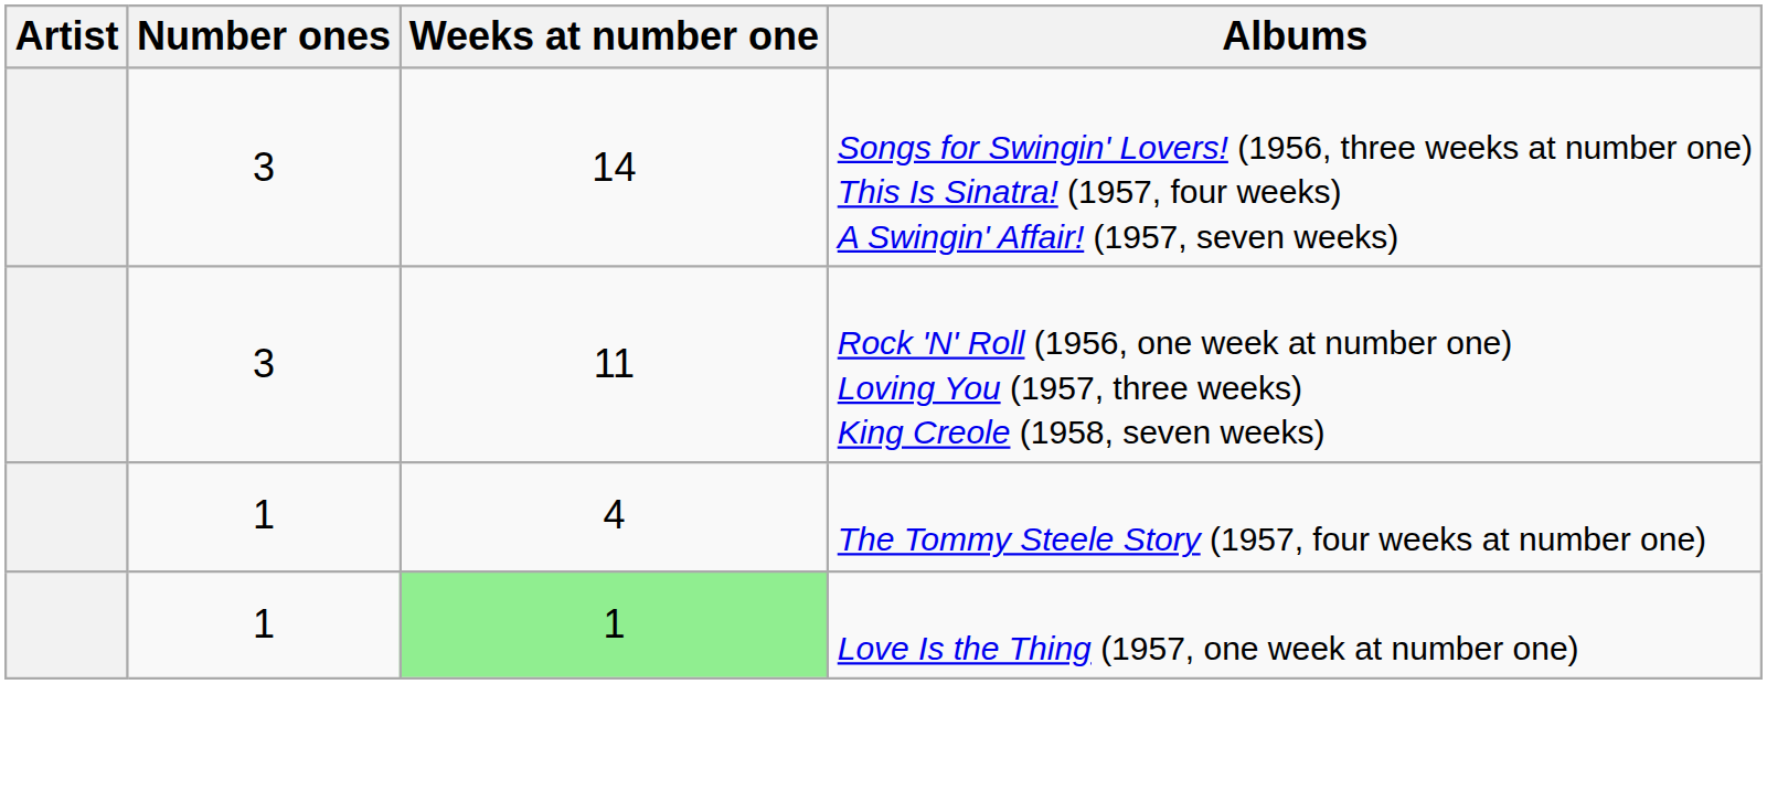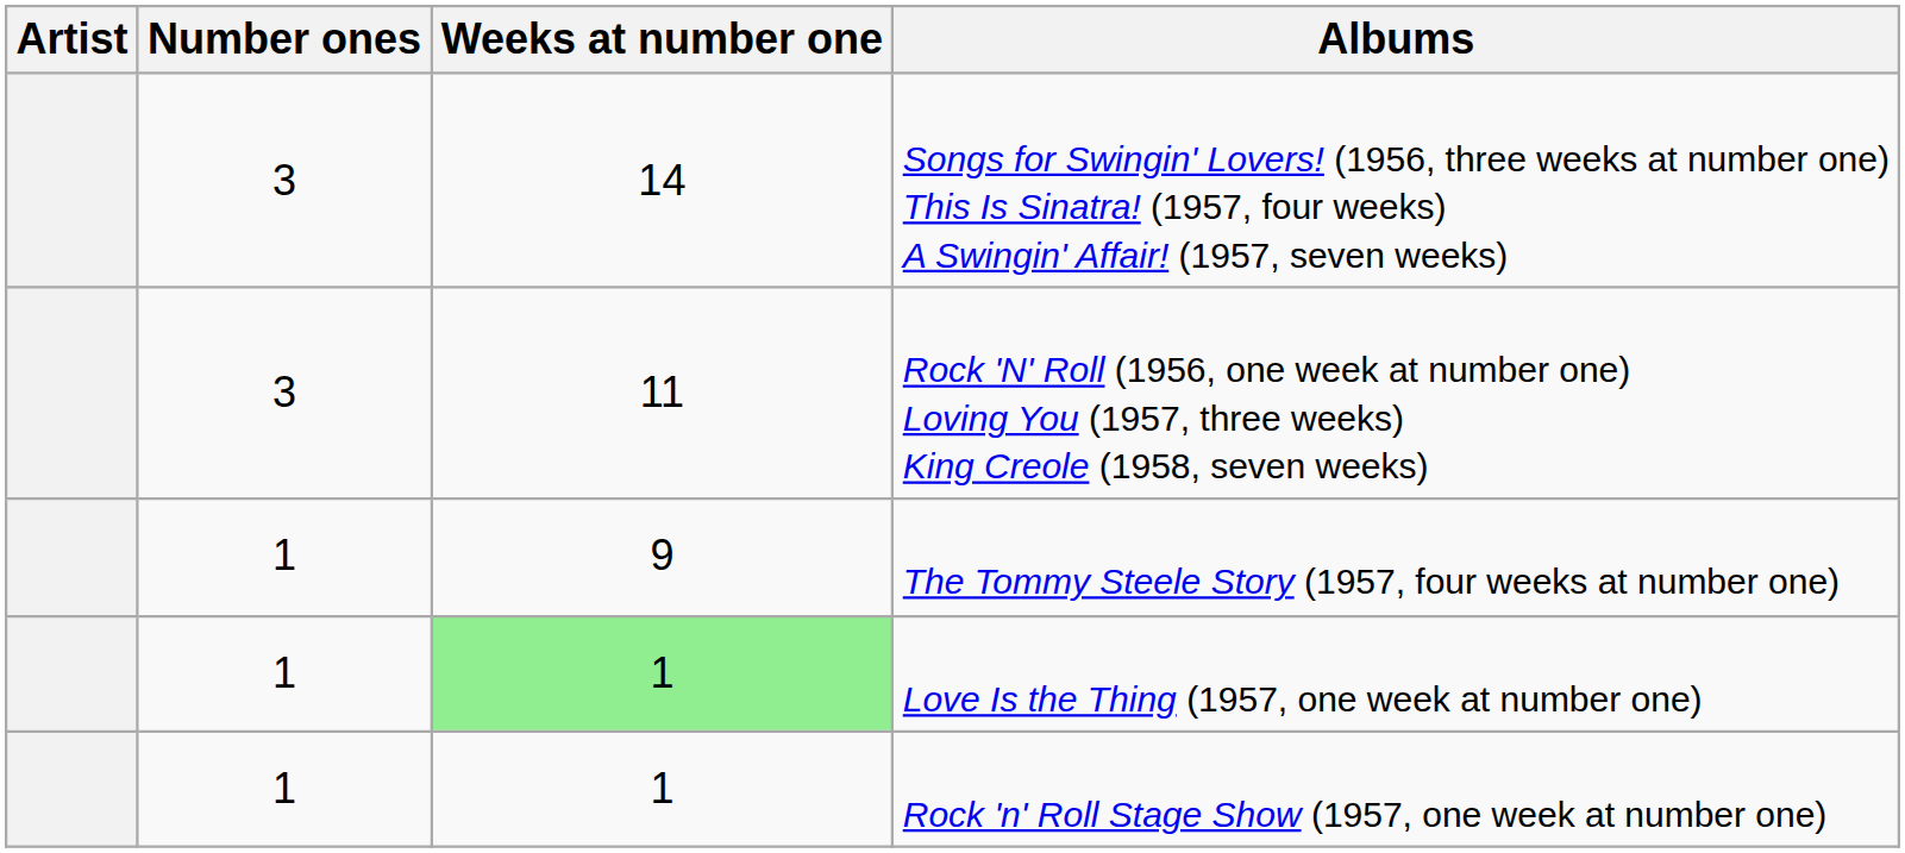 <table class="wikitable plainrowheaders sortable">
 <tr>
 <th scope=col>Artist</th>
 <th scope=col>Number ones</th>
 <th scope=col>Weeks at number one</th>
 <th scope=col class=unsortable>Albums</th>
 </tr>
 <tr>
 <th scope=row></th>
 <td align=center>3</td>
 <td align=center>14</td>
 <td><br><small><em><a href='#'>Songs for Swingin' Lovers!</a></em> (1956, three weeks at number one)</small><br> <small><em><a href='#'>This Is Sinatra!</a></em> (1957, four weeks)</small><br> <small><em><a href='#'>A Swingin' Affair!</a></em> (1957, seven weeks)</small><br></td>
 </tr>
 <tr>
 <th scope=row></th>
 <td align=center>3</td>
 <td align=center>11</td>
 <td><br><small><em><a href='#'>Rock 'N' Roll</a></em> (1956, one week at number one)</small><br> <small><em><a href='#'>Loving You</a></em> (1957, three weeks)</small><br> <small><em><a href='#'>King Creole</a></em> (1958, seven weeks)</small><br></td>
 </tr>
 <tr>
 <th scope=row></th>
 <td align=center>1</td>
-<td align=center>4</td>
+<td align=center>9</td>
 <td><br><small><em><a href='#'>The Tommy Steele Story</a></em> (1957, four weeks at number one)</small><br></td>
 </tr>
 <tr>
 <th scope=row></th>
 <td align=center>1</td>
 <td align=center style="background: lightgreen;">1</td>
 <td><br><small><em><a href='#'>Love Is the Thing</a></em> (1957, one week at number one)</small><br></td>
 </tr>
+<tr>
+<th scope=row></th>
+<td align=center>1</td>
+<td align=center>1</td>
+<td><br><small><em><a href='#'>Rock 'n' Roll Stage Show</a></em> (1957, one week at number one)</small><br></td>
+</tr>
 </table>
